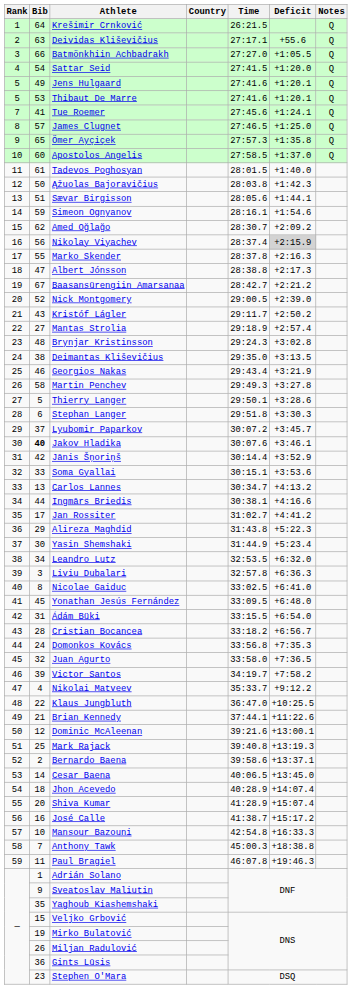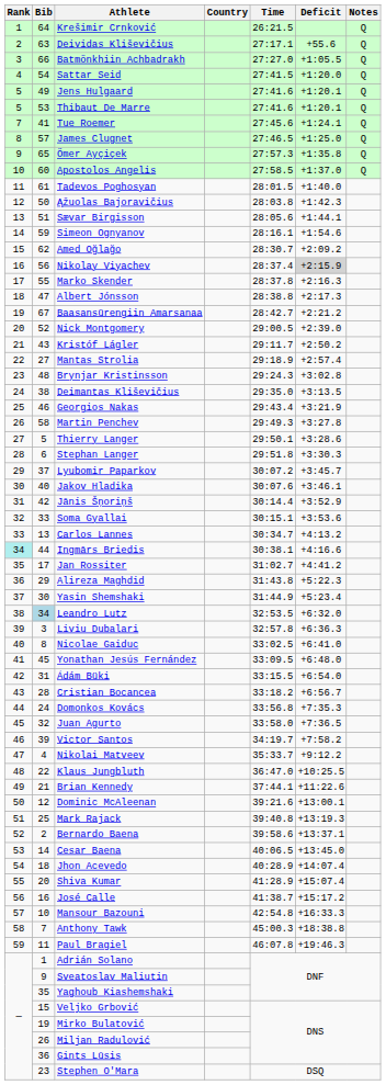 <table class="wikitable sortable" style="text-align:center">
 <tr>
 <th>Rank</th>
 <th>Bib</th>
 <th>Athlete</th>
 <th>Country</th>
 <th>Time</th>
 <th>Deficit</th>
 <th>Notes</th>
 </tr>
 <tr bgcolor=ccffcc>
 <td>1</td>
 <td>64</td>
 <td align=left><a href='#'>Krešimir Crnković</a></td>
 <td align=left></td>
 <td>26:21.5</td>
 <td></td>
 <td>Q</td>
 </tr>
 <tr bgcolor=ccffcc>
 <td>2</td>
 <td>63</td>
 <td align=left><a href='#'>Deividas Kliševičius</a></td>
 <td align=left></td>
 <td>27:17.1</td>
 <td>+55.6</td>
 <td>Q</td>
 </tr>
 <tr bgcolor=ccffcc>
 <td>3</td>
 <td>66</td>
 <td align=left><a href='#'>Batmönkhiin Achbadrakh</a></td>
 <td align=left></td>
 <td>27:27.0</td>
 <td>+1:05.5</td>
 <td>Q</td>
 </tr>
 <tr bgcolor=ccffcc>
 <td>4</td>
 <td>54</td>
 <td align=left><a href='#'>Sattar Seid</a></td>
 <td align=left></td>
 <td>27:41.5</td>
 <td>+1:20.0</td>
 <td>Q</td>
 </tr>
 <tr bgcolor=ccffcc>
 <td>5</td>
 <td>49</td>
 <td align=left><a href='#'>Jens Hulgaard</a></td>
 <td align=left></td>
 <td>27:41.6</td>
 <td>+1:20.1</td>
 <td>Q</td>
 </tr>
 <tr bgcolor=ccffcc>
 <td>5</td>
 <td>53</td>
 <td align=left><a href='#'>Thibaut De Marre</a></td>
 <td align=left></td>
 <td>27:41.6</td>
 <td>+1:20.1</td>
 <td>Q</td>
 </tr>
 <tr bgcolor=ccffcc>
 <td>7</td>
 <td>41</td>
 <td align=left><a href='#'>Tue Roemer</a></td>
 <td align=left></td>
 <td>27:45.6</td>
 <td>+1:24.1</td>
 <td>Q</td>
 </tr>
 <tr bgcolor=ccffcc>
 <td>8</td>
 <td>57</td>
 <td align=left><a href='#'>James Clugnet</a></td>
 <td align=left></td>
 <td>27:46.5</td>
 <td>+1:25.0</td>
 <td>Q</td>
 </tr>
 <tr bgcolor=ccffcc>
 <td>9</td>
 <td>65</td>
 <td align=left><a href='#'>Ömer Ayçiçek</a></td>
 <td align=left></td>
 <td>27:57.3</td>
 <td>+1:35.8</td>
 <td>Q</td>
 </tr>
 <tr bgcolor=ccffcc>
 <td>10</td>
 <td>60</td>
 <td align=left><a href='#'>Apostolos Angelis</a></td>
 <td align=left></td>
 <td>27:58.5</td>
 <td>+1:37.0</td>
 <td>Q</td>
 </tr>
 <tr>
 <td>11</td>
 <td>61</td>
 <td align=left><a href='#'>Tadevos Poghosyan</a></td>
 <td align=left></td>
 <td>28:01.5</td>
 <td>+1:40.0</td>
 <td></td>
 </tr>
 <tr>
 <td>12</td>
 <td>50</td>
 <td align=left><a href='#'>Ąžuolas Bajoravičius</a></td>
 <td align=left></td>
 <td>28:03.8</td>
 <td>+1:42.3</td>
 <td></td>
 </tr>
 <tr>
 <td>13</td>
 <td>51</td>
 <td align=left><a href='#'>Sævar Birgisson</a></td>
 <td align=left></td>
 <td>28:05.6</td>
 <td>+1:44.1</td>
 <td></td>
 </tr>
 <tr>
 <td>14</td>
 <td>59</td>
 <td align=left><a href='#'>Simeon Ognyanov</a></td>
 <td align=left></td>
 <td>28:16.1</td>
 <td>+1:54.6</td>
 <td></td>
 </tr>
 <tr>
 <td>15</td>
 <td>62</td>
 <td align=left><a href='#'>Amed Oğlağo</a></td>
 <td align=left></td>
 <td>28:30.7</td>
 <td>+2:09.2</td>
 <td></td>
 </tr>
 <tr>
 <td>16</td>
 <td>56</td>
 <td align=left><a href='#'>Nikolay Viyachev</a></td>
 <td align=left></td>
 <td>28:37.4</td>
 <td style="background: lightgrey;">+2:15.9</td>
 <td></td>
 </tr>
 <tr>
 <td>17</td>
 <td>55</td>
 <td align=left><a href='#'>Marko Skender</a></td>
 <td align=left></td>
 <td>28:37.8</td>
 <td>+2:16.3</td>
 <td></td>
 </tr>
 <tr>
 <td>18</td>
 <td>47</td>
 <td align=left><a href='#'>Albert Jónsson</a></td>
 <td align=left></td>
 <td>28:38.8</td>
 <td>+2:17.3</td>
 <td></td>
 </tr>
 <tr>
 <td>19</td>
 <td>67</td>
 <td align=left><a href='#'>Baasansürengiin Amarsanaa</a></td>
 <td align=left></td>
 <td>28:42.7</td>
 <td>+2:21.2</td>
 <td></td>
 </tr>
 <tr>
 <td>20</td>
 <td>52</td>
 <td align=left><a href='#'>Nick Montgomery</a></td>
 <td align=left></td>
 <td>29:00.5</td>
 <td>+2:39.0</td>
 <td></td>
 </tr>
 <tr>
 <td>21</td>
 <td>43</td>
 <td align=left><a href='#'>Kristóf Lágler</a></td>
 <td align=left></td>
 <td>29:11.7</td>
 <td>+2:50.2</td>
 <td></td>
 </tr>
 <tr>
 <td>22</td>
 <td>27</td>
 <td align=left><a href='#'>Mantas Strolia</a></td>
 <td align=left></td>
 <td>29:18.9</td>
 <td>+2:57.4</td>
 <td></td>
 </tr>
 <tr>
 <td>23</td>
 <td>48</td>
 <td align=left><a href='#'>Brynjar Kristinsson</a></td>
 <td align=left></td>
 <td>29:24.3</td>
 <td>+3:02.8</td>
 <td></td>
 </tr>
 <tr>
 <td>24</td>
 <td>38</td>
 <td align=left><a href='#'>Deimantas Kliševičius</a></td>
 <td align=left></td>
 <td>29:35.0</td>
 <td>+3:13.5</td>
 <td></td>
 </tr>
 <tr>
 <td>25</td>
 <td>46</td>
 <td align=left><a href='#'>Georgios Nakas</a></td>
 <td align=left></td>
 <td>29:43.4</td>
 <td>+3:21.9</td>
 <td></td>
 </tr>
 <tr>
 <td>26</td>
 <td>58</td>
 <td align=left><a href='#'>Martin Penchev</a></td>
 <td align=left></td>
 <td>29:49.3</td>
 <td>+3:27.8</td>
 <td></td>
 </tr>
 <tr>
 <td>27</td>
 <td>5</td>
 <td align=left><a href='#'>Thierry Langer</a></td>
 <td align=left></td>
 <td>29:50.1</td>
 <td>+3:28.6</td>
 <td></td>
 </tr>
 <tr>
 <td>28</td>
 <td>6</td>
 <td align=left><a href='#'>Stephan Langer</a></td>
 <td align=left></td>
 <td>29:51.8</td>
 <td>+3:30.3</td>
 <td></td>
 </tr>
 <tr>
 <td>29</td>
 <td>37</td>
 <td align=left><a href='#'>Lyubomir Paparkov</a></td>
 <td align=left></td>
 <td>30:07.2</td>
 <td>+3:45.7</td>
 <td></td>
 </tr>
 <tr>
 <td>30</td>
-<td><strong>40</strong></td>
+<td>40</td>
 <td align=left><a href='#'>Jakov Hladika</a></td>
 <td align=left></td>
 <td>30:07.6</td>
 <td>+3:46.1</td>
 <td></td>
 </tr>
 <tr>
 <td>31</td>
 <td>42</td>
 <td align=left><a href='#'>Jānis Šņoriņš</a></td>
 <td align=left></td>
 <td>30:14.4</td>
 <td>+3:52.9</td>
 <td></td>
 </tr>
 <tr>
 <td>32</td>
 <td>33</td>
 <td align=left><a href='#'>Soma Gyallai</a></td>
 <td align=left></td>
 <td>30:15.1</td>
 <td>+3:53.6</td>
 <td></td>
 </tr>
 <tr>
 <td>33</td>
 <td>13</td>
 <td align=left><a href='#'>Carlos Lannes</a></td>
 <td align=left></td>
 <td>30:34.7</td>
 <td>+4:13.2</td>
 <td></td>
 </tr>
 <tr>
-<td>34</td>
+<td style="background: paleturquoise;">34</td>
 <td>44</td>
 <td align=left><a href='#'>Ingmārs Briedis</a></td>
 <td align=left></td>
 <td>30:38.1</td>
 <td>+4:16.6</td>
 <td></td>
 </tr>
 <tr>
 <td>35</td>
 <td>17</td>
 <td align=left><a href='#'>Jan Rossiter</a></td>
 <td align=left></td>
 <td>31:02.7</td>
 <td>+4:41.2</td>
 <td></td>
 </tr>
 <tr>
 <td>36</td>
 <td>29</td>
 <td align=left><a href='#'>Alireza Maghdid</a></td>
 <td align=left></td>
 <td>31:43.8</td>
 <td>+5:22.3</td>
 <td></td>
 </tr>
 <tr>
 <td>37</td>
 <td>30</td>
 <td align=left><a href='#'>Yasin Shemshaki</a></td>
 <td align=left></td>
 <td>31:44.9</td>
 <td>+5:23.4</td>
 <td></td>
 </tr>
 <tr>
 <td>38</td>
-<td>34</td>
+<td style="background: lightblue;">34</td>
 <td align=left><a href='#'>Leandro Lutz</a></td>
 <td align=left></td>
 <td>32:53.5</td>
 <td>+6:32.0</td>
 <td></td>
 </tr>
 <tr>
 <td>39</td>
 <td>3</td>
 <td align=left><a href='#'>Liviu Dubalari</a></td>
 <td align=left></td>
 <td>32:57.8</td>
 <td>+6:36.3</td>
 <td></td>
 </tr>
 <tr>
 <td>40</td>
 <td>8</td>
 <td align=left><a href='#'>Nicolae Gaiduc</a></td>
 <td align=left></td>
 <td>33:02.5</td>
 <td>+6:41.0</td>
 <td></td>
 </tr>
 <tr>
 <td>41</td>
 <td>45</td>
 <td align=left><a href='#'>Yonathan Jesús Fernández</a></td>
 <td align=left></td>
 <td>33:09.5</td>
 <td>+6:48.0</td>
 <td></td>
 </tr>
 <tr>
 <td>42</td>
 <td>31</td>
 <td align=left><a href='#'>Ádám Büki</a></td>
 <td align=left></td>
 <td>33:15.5</td>
 <td>+6:54.0</td>
 <td></td>
 </tr>
 <tr>
 <td>43</td>
 <td>28</td>
 <td align=left><a href='#'>Cristian Bocancea</a></td>
 <td align=left></td>
 <td>33:18.2</td>
 <td>+6:56.7</td>
 <td></td>
 </tr>
 <tr>
 <td>44</td>
 <td>24</td>
 <td align=left><a href='#'>Domonkos Kovács</a></td>
 <td align=left></td>
 <td>33:56.8</td>
 <td>+7:35.3</td>
 <td></td>
 </tr>
 <tr>
 <td>45</td>
 <td>32</td>
 <td align=left><a href='#'>Juan Agurto</a></td>
 <td align=left></td>
 <td>33:58.0</td>
 <td>+7:36.5</td>
 <td></td>
 </tr>
 <tr>
 <td>46</td>
 <td>39</td>
 <td align=left><a href='#'>Victor Santos</a></td>
 <td align=left></td>
 <td>34:19.7</td>
 <td>+7:58.2</td>
 <td></td>
 </tr>
 <tr>
 <td>47</td>
 <td>4</td>
 <td align=left><a href='#'>Nikolai Matveev</a></td>
 <td align=left></td>
 <td>35:33.7</td>
 <td>+9:12.2</td>
 <td></td>
 </tr>
 <tr>
 <td>48</td>
 <td>22</td>
 <td align=left><a href='#'>Klaus Jungbluth</a></td>
 <td align=left></td>
 <td>36:47.0</td>
 <td>+10:25.5</td>
 <td></td>
 </tr>
 <tr>
 <td>49</td>
 <td>21</td>
 <td align=left><a href='#'>Brian Kennedy</a></td>
 <td align=left></td>
 <td>37:44.1</td>
 <td>+11:22.6</td>
 <td></td>
 </tr>
 <tr>
 <td>50</td>
 <td>12</td>
 <td align=left><a href='#'>Dominic McAleenan</a></td>
 <td align=left></td>
 <td>39:21.6</td>
 <td>+13:00.1</td>
 <td></td>
 </tr>
 <tr>
 <td>51</td>
 <td>25</td>
 <td align=left><a href='#'>Mark Rajack</a></td>
 <td align=left></td>
 <td>39:40.8</td>
 <td>+13:19.3</td>
 <td></td>
 </tr>
 <tr>
 <td>52</td>
 <td>2</td>
 <td align=left><a href='#'>Bernardo Baena</a></td>
 <td align=left></td>
 <td>39:58.6</td>
 <td>+13:37.1</td>
 <td></td>
 </tr>
 <tr>
 <td>53</td>
 <td>14</td>
 <td align=left><a href='#'>Cesar Baena</a></td>
 <td align=left></td>
 <td>40:06.5</td>
 <td>+13:45.0</td>
 <td></td>
 </tr>
 <tr>
 <td>54</td>
 <td>18</td>
 <td align=left><a href='#'>Jhon Acevedo</a></td>
 <td align=left></td>
 <td>40:28.9</td>
 <td>+14:07.4</td>
 <td></td>
 </tr>
 <tr>
 <td>55</td>
 <td>20</td>
 <td align=left><a href='#'>Shiva Kumar</a></td>
 <td align=left></td>
 <td>41:28.9</td>
 <td>+15:07.4</td>
 <td></td>
 </tr>
 <tr>
 <td>56</td>
 <td>16</td>
 <td align=left><a href='#'>José Calle</a></td>
 <td align=left></td>
 <td>41:38.7</td>
 <td>+15:17.2</td>
 <td></td>
 </tr>
 <tr>
 <td>57</td>
 <td>10</td>
 <td align=left><a href='#'>Mansour Bazouni</a></td>
 <td align=left></td>
 <td>42:54.8</td>
 <td>+16:33.3</td>
 <td></td>
 </tr>
 <tr>
 <td>58</td>
 <td>7</td>
 <td align=left><a href='#'>Anthony Tawk</a></td>
 <td align=left></td>
 <td>45:00.3</td>
 <td>+18:38.8</td>
 <td></td>
 </tr>
 <tr>
 <td>59</td>
 <td>11</td>
 <td align=left><a href='#'>Paul Bragiel</a></td>
 <td align=left></td>
 <td>46:07.8</td>
 <td>+19:46.3</td>
 <td></td>
 </tr>
 <tr>
 <td rowspan=8>—</td>
 <td>1</td>
 <td align=left><a href='#'>Adrián Solano</a></td>
 <td align=left></td>
 <td rowspan=3 colspan=3>DNF</td>
 </tr>
 <tr>
 <td>9</td>
 <td align=left><a href='#'>Sveatoslav Maliutin</a></td>
 <td align=left></td>
 </tr>
 <tr>
 <td>35</td>
 <td align=left><a href='#'>Yaghoub Kiashemshaki</a></td>
 <td align=left></td>
 </tr>
 <tr>
 <td>15</td>
 <td align=left><a href='#'>Veljko Grbović</a></td>
 <td align=left></td>
 <td rowspan=4 colspan=3>DNS</td>
 </tr>
 <tr>
 <td>19</td>
 <td align=left><a href='#'>Mirko Bulatović</a></td>
 <td align=left></td>
 </tr>
 <tr>
 <td>26</td>
 <td align=left><a href='#'>Miljan Radulović</a></td>
 <td align=left></td>
 </tr>
 <tr>
 <td>36</td>
 <td align=left><a href='#'>Gints Lūsis</a></td>
 <td align=left></td>
 </tr>
 <tr>
 <td>23</td>
 <td align=left><a href='#'>Stephen O'Mara</a></td>
 <td align=left></td>
 <td colspan=3>DSQ</td>
 </tr>
 </table>
